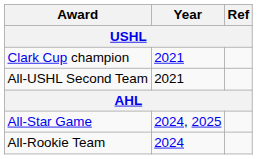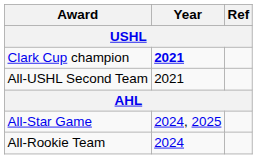 <table class="wikitable">
 <tr>
 <th>Award</th>
 <th>Year</th>
 <th>Ref</th>
 </tr>
 <tr>
 <th colspan="3"><a href='#'>USHL</a></th>
 </tr>
 <tr>
 <td><a href='#'>Clark Cup</a> champion</td>
-<td><a href='#'>2021</a></td>
+<td><strong><a href='#'>2021</a></strong></td>
 <td></td>
 </tr>
 <tr>
 <td>All-USHL Second Team</td>
 <td>2021</td>
 <td></td>
 </tr>
 <tr>
 <th colspan="3"><a href='#'>AHL</a></th>
 </tr>
 <tr>
 <td><a href='#'>All-Star Game</a></td>
 <td><a href='#'>2024</a>, <a href='#'>2025</a></td>
 <td></td>
 </tr>
 <tr>
 <td>All-Rookie Team</td>
 <td><a href='#'>2024</a></td>
 <td></td>
 </tr>
 </table>
